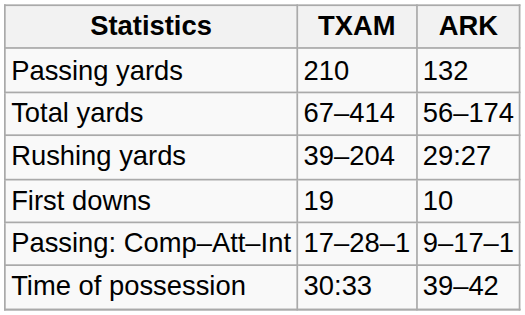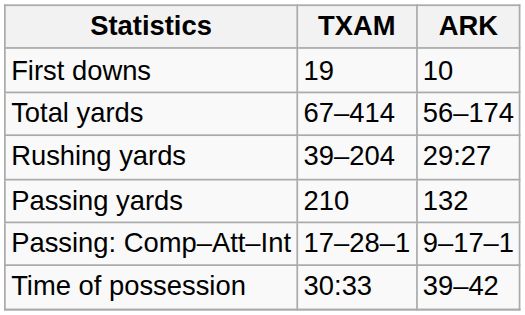 <table class="wikitable" style="float: left;">
 <tr>
 <th>Statistics</th>
 <th>TXAM</th>
 <th>ARK</th>
 </tr>
 <tr>
-<td>Passing yards</td>
-<td>210</td>
-<td>132</td>
+<td>First downs</td>
+<td>19</td>
+<td>10</td>
 </tr>
 <tr>
 <td>Total yards</td>
 <td>67–414</td>
 <td>56–174</td>
 </tr>
 <tr>
 <td>Rushing yards</td>
 <td>39–204</td>
 <td>29:27</td>
 </tr>
 <tr>
-<td>First downs</td>
-<td>19</td>
-<td>10</td>
+<td>Passing yards</td>
+<td>210</td>
+<td>132</td>
 </tr>
 <tr>
 <td>Passing: Comp–Att–Int</td>
 <td>17–28–1</td>
 <td>9–17–1</td>
 </tr>
 <tr>
 <td>Time of possession</td>
 <td>30:33</td>
 <td>39–42</td>
 </tr>
 <tr>
 </tr>
 </table>
